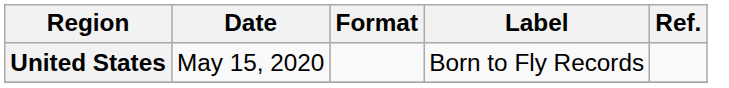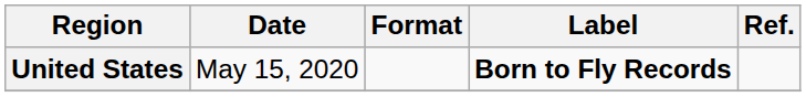 <table class="wikitable plainrowheaders">
 <tr>
 <th scope="col">Region</th>
 <th scope="col">Date</th>
 <th scope="col">Format</th>
 <th scope="col">Label</th>
 <th scope="col">Ref.</th>
 </tr>
 <tr>
 <th scope="row">United States</th>
 <td>May 15, 2020</td>
 <td></td>
-<td>Born to Fly Records</td>
+<td><strong>Born to Fly Records</strong></td>
 <td style="text-align:center;"></td>
 </tr>
 <tr>
 </tr>
 </table>
